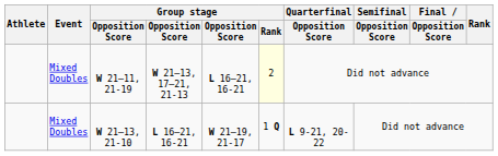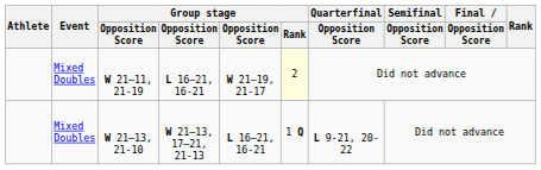 <table class="wikitable" style="font-size:90%">
 <tr>
 <th rowspan=2>Athlete</th>
 <th rowspan=2>Event</th>
 <th colspan=4>Group stage</th>
 <th>Quarterfinal</th>
 <th>Semifinal</th>
 <th>Final / </th>
 <th rowspan=2>Rank</th>
 </tr>
 <tr style="font-size:95%">
 <th>Opposition<br>Score</th>
 <th>Opposition<br>Score</th>
 <th>Opposition<br>Score</th>
 <th>Rank</th>
 <th>Opposition<br>Score</th>
 <th>Opposition<br>Score</th>
 <th>Opposition<br>Score</th>
 </tr>
 <tr align=center>
 <td align=left><br></td>
 <td align=left><a href='#'>Mixed Doubles</a></td>
 <td><br><br><strong>W</strong> 21–11, 21-19</td>
-<td><br><br><strong>W</strong> 21–13, 17–21, 21-13</td>
 <td><br><br><strong>L</strong> 16–21, 16-21</td>
+<td><br><br><strong>W</strong> 21–19, 21-17</td>
 <td style="background: lightyellow;">2</td>
 <td colspan=4>Did not advance</td>
 </tr>
 <tr align=center>
 <td align=left><br></td>
 <td align=left><a href='#'>Mixed Doubles</a></td>
 <td><br><br><strong>W</strong> 21–13, 21-10</td>
+<td><br><br><strong>W</strong> 21–13, 17–21, 21-13</td>
 <td><br><br><strong>L</strong> 16–21, 16-21</td>
-<td><br><br><strong>W</strong> 21–19, 21-17</td>
 <td>1 <strong>Q</strong></td>
 <td><br><br><strong>L</strong> 9-21, 20-22</td>
 <td colspan=3>Did not advance</td>
 </tr>
 </table>
